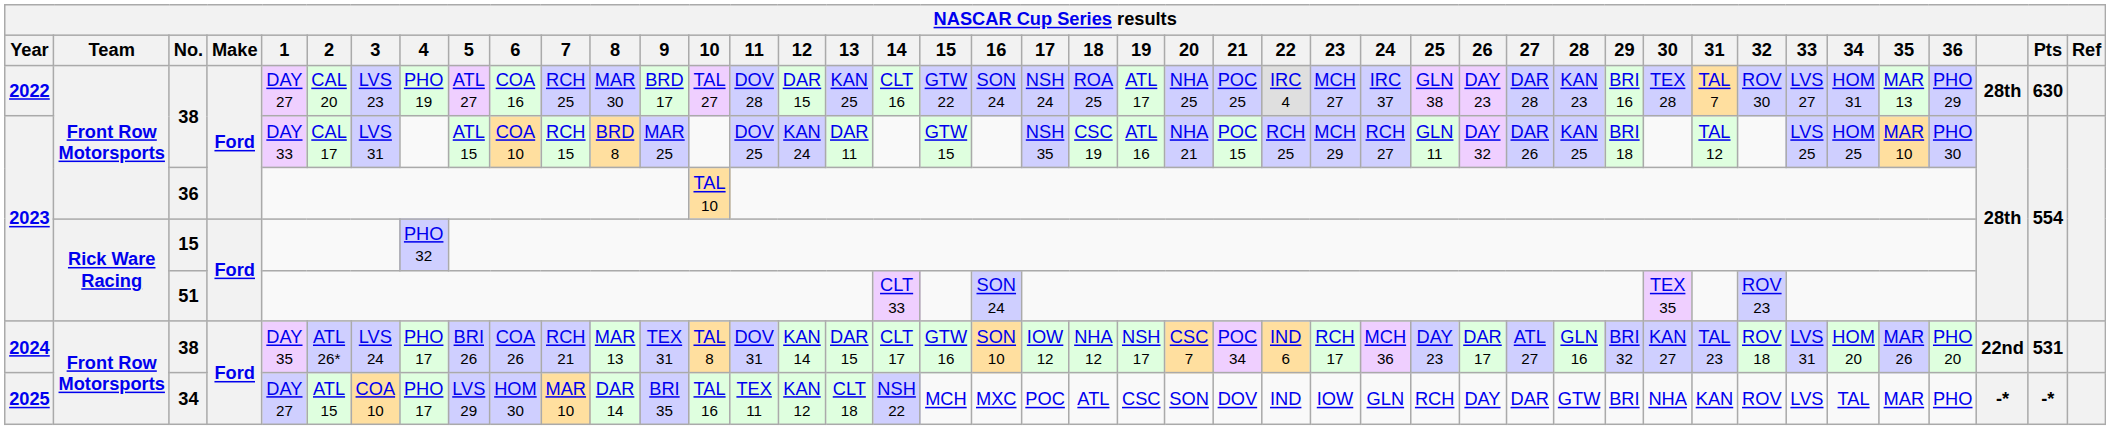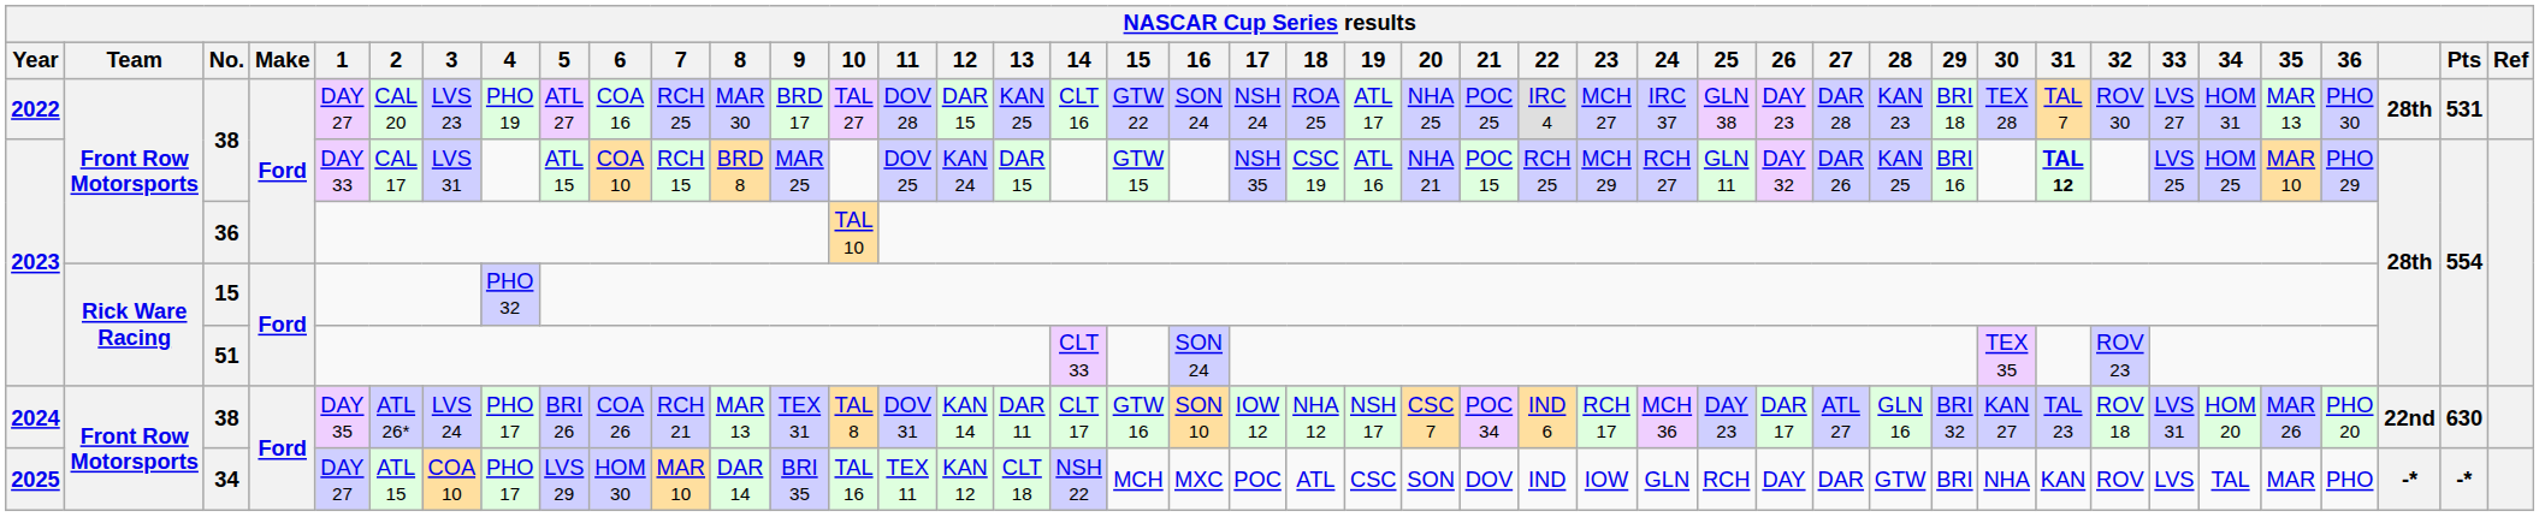 <table class="wikitable" style="text-align:center; font-size:75%">
 <tr>
 <th colspan=43><a href='#'>NASCAR Cup Series</a> results</th>
 </tr>
 <tr>
 <th>Year</th>
 <th>Team</th>
 <th>No.</th>
 <th>Make</th>
 <th>1</th>
 <th>2</th>
 <th>3</th>
 <th>4</th>
 <th>5</th>
 <th>6</th>
 <th>7</th>
 <th>8</th>
 <th>9</th>
 <th>10</th>
 <th>11</th>
 <th>12</th>
 <th>13</th>
 <th>14</th>
 <th>15</th>
 <th>16</th>
 <th>17</th>
 <th>18</th>
 <th>19</th>
 <th>20</th>
 <th>21</th>
 <th>22</th>
 <th>23</th>
 <th>24</th>
 <th>25</th>
 <th>26</th>
 <th>27</th>
 <th>28</th>
 <th>29</th>
 <th>30</th>
 <th>31</th>
 <th>32</th>
 <th>33</th>
 <th>34</th>
 <th>35</th>
 <th>36</th>
 <th></th>
 <th>Pts</th>
 <th>Ref</th>
 </tr>
 <tr>
 <th><a href='#'>2022</a></th>
 <th rowspan=3><a href='#'>Front Row Motorsports</a></th>
 <th rowspan=2>38</th>
 <th rowspan=3><a href='#'>Ford</a></th>
 <td style="background:#EFCFFF;"><a href='#'>DAY</a><br><small>27</small></td>
 <td style="background:#DFFFDF;"><a href='#'>CAL</a><br><small>20</small></td>
 <td style="background:#CFCFFF;"><a href='#'>LVS</a><br><small>23</small></td>
 <td style="background:#DFFFDF;"><a href='#'>PHO</a><br><small>19</small></td>
 <td style="background:#EFCFFF;"><a href='#'>ATL</a><br><small>27</small></td>
 <td style="background:#DFFFDF;"><a href='#'>COA</a><br><small>16</small></td>
 <td style="background:#CFCFFF;"><a href='#'>RCH</a><br><small>25</small></td>
 <td style="background:#CFCFFF;"><a href='#'>MAR</a><br><small>30</small></td>
 <td style="background:#DFFFDF;"><a href='#'>BRD</a><br><small>17</small></td>
 <td style="background:#EFCFFF;"><a href='#'>TAL</a><br><small>27</small></td>
 <td style="background:#CFCFFF;"><a href='#'>DOV</a><br><small>28</small></td>
 <td style="background:#DFFFDF;"><a href='#'>DAR</a><br><small>15</small></td>
 <td style="background:#CFCFFF;"><a href='#'>KAN</a><br><small>25</small></td>
 <td style="background:#DFFFDF;"><a href='#'>CLT</a><br><small>16</small></td>
 <td style="background:#CFCFFF;"><a href='#'>GTW</a><br><small>22</small></td>
 <td style="background:#CFCFFF;"><a href='#'>SON</a><br><small>24</small></td>
 <td style="background:#CFCFFF;"><a href='#'>NSH</a><br><small>24</small></td>
 <td style="background:#CFCFFF;"><a href='#'>ROA</a><br><small>25</small></td>
 <td style="background:#DFFFDF;"><a href='#'>ATL</a><br><small>17</small></td>
 <td style="background:#CFCFFF;"><a href='#'>NHA</a><br><small>25</small></td>
 <td style="background:#CFCFFF;"><a href='#'>POC</a><br><small>25</small></td>
 <td style="background:#DFDFDF;"><a href='#'>IRC</a><br><small>4</small></td>
 <td style="background:#CFCFFF;"><a href='#'>MCH</a><br><small>27</small></td>
 <td style="background:#CFCFFF;"><a href='#'>IRC</a><br><small>37</small></td>
 <td style="background:#EFCFFF;"><a href='#'>GLN</a><br><small>38</small></td>
 <td style="background:#EFCFFF;"><a href='#'>DAY</a><br><small>23</small></td>
 <td style="background:#CFCFFF;”"><a href='#'>DAR</a><br><small>28</small></td>
 <td style="background:#CFCFFF;"><a href='#'>KAN</a><br><small>23</small></td>
-<td style="background:#DFFFDF;"><a href='#'>BRI</a><br><small>16</small></td>
+<td style="background:#DFFFDF;"><a href='#'>BRI</a><br><small>18</small></td>
 <td style="background:#CFCFFF;"><a href='#'>TEX</a><br><small>28</small></td>
 <td style="background:#FFDF9F;"><a href='#'>TAL</a><br><small>7</small></td>
 <td style="background:#CFCFFF;"><a href='#'>ROV</a><br><small>30</small></td>
 <td style="background:#CFCFFF;"><a href='#'>LVS</a><br><small>27</small></td>
 <td style="background:#CFCFFF;"><a href='#'>HOM</a><br><small>31</small></td>
 <td style="background:#DFFFDF;"><a href='#'>MAR</a><br><small>13</small></td>
-<td style="background:#CFCFFF;”"><a href='#'>PHO</a><br><small>29</small></td>
+<td style="background:#CFCFFF;"><a href='#'>PHO</a><br><small>30</small></td>
 <th>28th</th>
-<th>630</th>
+<th>531</th>
 <th></th>
 </tr>
 <tr>
 <th rowspan=4><a href='#'>2023</a></th>
 <td style="background:#EFCFFF;"><a href='#'>DAY</a><br><small>33</small></td>
 <td style="background:#DFFFDF;"><a href='#'>CAL</a><br><small>17</small></td>
 <td style="background:#CFCFFF;"><a href='#'>LVS</a><br><small>31</small></td>
 <td></td>
 <td style="background:#DFFFDF;"><a href='#'>ATL</a><br><small>15</small></td>
 <td style="background:#FFDF9F;"><a href='#'>COA</a><br><small>10</small></td>
 <td style="background:#DFFFDF;"><a href='#'>RCH</a><br><small>15</small></td>
 <td style="background:#FFDF9F;"><a href='#'>BRD</a><br><small>8</small></td>
 <td style="background:#CFCFFF;"><a href='#'>MAR</a><br><small>25</small></td>
 <td></td>
 <td style="background:#CFCFFF;"><a href='#'>DOV</a><br><small>25</small></td>
 <td style="background:#CFCFFF;"><a href='#'>KAN</a><br><small>24</small></td>
-<td style="background:#DFFFDF;"><a href='#'>DAR</a><br><small>11</small></td>
+<td style="background:#DFFFDF;"><a href='#'>DAR</a><br><small>15</small></td>
 <td></td>
 <td style="background:#DFFFDF;"><a href='#'>GTW</a><br><small>15</small></td>
 <td></td>
 <td style="background:#CFCFFF;"><a href='#'>NSH</a><br><small>35</small></td>
 <td style="background:#DFFFDF;"><a href='#'>CSC</a><br><small>19</small></td>
 <td style="background:#DFFFDF;"><a href='#'>ATL</a><br><small>16</small></td>
 <td style="background:#CFCFFF;"><a href='#'>NHA</a><br><small>21</small></td>
 <td style="background:#DFFFDF;"><a href='#'>POC</a><br><small>15</small></td>
 <td style="background:#CFCFFF;"><a href='#'>RCH</a><br><small>25</small></td>
 <td style="background:#CFCFFF;"><a href='#'>MCH</a><br><small>29</small></td>
 <td style="background:#CFCFFF;"><a href='#'>RCH</a><br><small>27</small></td>
 <td style="background:#DFFFDF;"><a href='#'>GLN</a><br><small>11</small></td>
 <td style="background:#EFCFFF;"><a href='#'>DAY</a><br><small>32</small></td>
 <td style="background:#CFCFFF;"><a href='#'>DAR</a><br><small>26</small></td>
 <td style="background:#CFCFFF;"><a href='#'>KAN</a><br><small>25</small></td>
-<td style="background:#DFFFDF;"><a href='#'>BRI</a><br><small>18</small></td>
+<td style="background:#DFFFDF;"><a href='#'>BRI</a><br><small>16</small></td>
 <td></td>
-<td style="background:#DFFFDF;"><a href='#'>TAL</a><br><small>12</small></td>
+<td style="background:#DFFFDF;"><strong><a href='#'>TAL</a><br><small>12</small></strong></td>
 <td></td>
 <td style="background:#CFCFFF;"><a href='#'>LVS</a><br><small>25</small></td>
 <td style="background:#CFCFFF;"><a href='#'>HOM</a><br><small>25</small></td>
 <td style="background:#FFDF9F;"><a href='#'>MAR</a><br><small>10</small></td>
-<td style="background:#CFCFFF;"><a href='#'>PHO</a><br><small>30</small></td>
+<td style="background:#CFCFFF;”"><a href='#'>PHO</a><br><small>29</small></td>
 <th rowspan=4>28th</th>
 <th rowspan=4>554</th>
 <th rowspan=4></th>
 </tr>
 <tr>
 <th>36</th>
 <td colspan=9></td>
 <td style="background:#FFDF9F;"><a href='#'>TAL</a><br><small>10</small></td>
 <td colspan=26></td>
 </tr>
 <tr>
 <th rowspan=2><a href='#'>Rick Ware Racing</a></th>
 <th>15</th>
 <th rowspan=2><a href='#'>Ford</a></th>
 <td colspan=3></td>
 <td style="background:#CFCFFF;"><a href='#'>PHO</a><br><small>32</small></td>
 <td colspan=32></td>
 </tr>
 <tr>
 <th>51</th>
 <td colspan=13></td>
 <td style="background:#EFCFFF;"><a href='#'>CLT</a><br><small>33</small></td>
 <td></td>
 <td style="background:#CFCFFF;"><a href='#'>SON</a><br><small>24</small></td>
 <td colspan=13></td>
 <td style="background:#EFCFFF;"><a href='#'>TEX</a><br><small>35</small></td>
 <td></td>
 <td style="background:#CFCFFF;"><a href='#'>ROV</a><br><small>23</small></td>
 <td colspan=4></td>
 </tr>
 <tr>
 <th><a href='#'>2024</a></th>
 <th rowspan=2><a href='#'>Front Row Motorsports</a></th>
 <th>38</th>
 <th rowspan=2><a href='#'>Ford</a></th>
 <td style="background:#EFCFFF;"><a href='#'>DAY</a><br><small>35</small></td>
 <td style="background:#CFCFFF;"><a href='#'>ATL</a><br><small>26*</small></td>
 <td style="background:#CFCFFF;"><a href='#'>LVS</a><br><small>24</small></td>
 <td style="background:#DFFFDF;"><a href='#'>PHO</a><br><small>17</small></td>
 <td style="background:#CFCFFF;"><a href='#'>BRI</a><br><small>26</small></td>
 <td style="background:#CFCFFF;"><a href='#'>COA</a><br><small>26</small></td>
 <td style="background:#CFCFFF;"><a href='#'>RCH</a><br><small>21</small></td>
 <td style="background:#DFFFDF;"><a href='#'>MAR</a><br><small>13</small></td>
 <td style="background:#CFCFFF;"><a href='#'>TEX</a><br><small>31</small></td>
 <td style="background:#FFDF9F;"><a href='#'>TAL</a><br><small>8</small></td>
 <td style="background:#CFCFFF;"><a href='#'>DOV</a><br><small>31</small></td>
 <td style="background:#DFFFDF;"><a href='#'>KAN</a><br><small>14</small></td>
-<td style="background:#DFFFDF;"><a href='#'>DAR</a><br><small>15</small></td>
+<td style="background:#DFFFDF;"><a href='#'>DAR</a><br><small>11</small></td>
 <td style="background:#DFFFDF;"><a href='#'>CLT</a><br><small>17</small></td>
 <td style="background:#DFFFDF;"><a href='#'>GTW</a><br><small>16</small></td>
 <td style="background:#FFDF9F;"><a href='#'>SON</a><br><small>10</small></td>
 <td style="background:#DFFFDF;"><a href='#'>IOW</a><br><small>12</small></td>
 <td style="background:#DFFFDF;"><a href='#'>NHA</a><br><small>12</small></td>
 <td style="background:#DFFFDF;"><a href='#'>NSH</a><br><small>17</small></td>
 <td style="background:#FFDF9F;"><a href='#'>CSC</a><br><small>7</small></td>
 <td style="background:#EFCFFF;"><a href='#'>POC</a><br><small>34</small></td>
 <td style="background:#FFDF9F;"><a href='#'>IND</a><br><small>6</small></td>
 <td style="background:#DFFFDF;"><a href='#'>RCH</a><br><small>17</small></td>
 <td style="background:#EFCFFF;"><a href='#'>MCH</a><br><small>36</small></td>
 <td style="background:#CFCFFF;"><a href='#'>DAY</a><br><small>23</small></td>
 <td style="background:#DFFFDF;"><a href='#'>DAR</a><br><small>17</small></td>
 <td style="background:#CFCFFF;"><a href='#'>ATL</a><br><small>27</small></td>
 <td style="background:#DFFFDF;"><a href='#'>GLN</a><br><small>16</small></td>
 <td style="background:#CFCFFF;"><a href='#'>BRI</a><br><small>32</small></td>
 <td style="background:#CFCFFF;"><a href='#'>KAN</a><br><small>27</small></td>
 <td style="background:#CFCFFF;"><a href='#'>TAL</a><br><small>23</small></td>
 <td style="background:#DFFFDF;"><a href='#'>ROV</a><br><small>18</small></td>
 <td style="background:#CFCFFF;"><a href='#'>LVS</a><br><small>31</small></td>
 <td style="background:#DFFFDF;"><a href='#'>HOM</a><br><small>20</small></td>
 <td style="background:#CFCFFF;"><a href='#'>MAR</a><br><small>26</small></td>
 <td style="background:#DFFFDF;"><a href='#'>PHO</a><br><small>20</small></td>
 <th>22nd</th>
-<th>531</th>
+<th>630</th>
 <th></th>
 </tr>
 <tr>
 <th><a href='#'>2025</a></th>
 <th>34</th>
 <td style="background:#CFCFFF;"><a href='#'>DAY</a><br><small>27</small></td>
 <td style="background:#DFFFDF;"><a href='#'>ATL</a><br><small>15</small></td>
 <td style="background:#FFDF9F;"><a href='#'>COA</a><br><small>10</small></td>
 <td style="background:#DFFFDF;"><a href='#'>PHO</a><br><small>17</small></td>
 <td style="background:#CFCFFF;"><a href='#'>LVS</a><br><small>29</small></td>
 <td style="background:#CFCFFF;"><a href='#'>HOM</a><br><small>30</small></td>
 <td style="background:#FFDF9F;"><a href='#'>MAR</a><br><small>10</small></td>
 <td style="background:#DFFFDF;"><a href='#'>DAR</a><br><small>14</small></td>
 <td style="background:#CFCFFF;"><a href='#'>BRI</a><br><small>35</small></td>
 <td style="background:#DFFFDF;"><a href='#'>TAL</a><br><small>16</small></td>
 <td style="background:#DFFFDF;"><a href='#'>TEX</a><br><small>11</small></td>
 <td style="background:#DFFFDF;"><a href='#'>KAN</a><br><small>12</small></td>
 <td style="background:#DFFFDF;"><a href='#'>CLT</a><br><small>18</small></td>
 <td style="background:#CFCFFF;"><a href='#'>NSH</a><br><small>22</small></td>
 <td style="background:#;"><a href='#'>MCH</a><br><small></small></td>
 <td><a href='#'>MXC</a></td>
 <td><a href='#'>POC</a></td>
 <td><a href='#'>ATL</a></td>
 <td><a href='#'>CSC</a></td>
 <td><a href='#'>SON</a></td>
 <td><a href='#'>DOV</a></td>
 <td><a href='#'>IND</a></td>
 <td><a href='#'>IOW</a></td>
 <td><a href='#'>GLN</a></td>
 <td><a href='#'>RCH</a></td>
 <td><a href='#'>DAY</a></td>
 <td><a href='#'>DAR</a></td>
 <td><a href='#'>GTW</a></td>
 <td><a href='#'>BRI</a></td>
 <td><a href='#'>NHA</a></td>
 <td><a href='#'>KAN</a></td>
 <td><a href='#'>ROV</a></td>
 <td><a href='#'>LVS</a></td>
 <td><a href='#'>TAL</a></td>
 <td><a href='#'>MAR</a></td>
 <td><a href='#'>PHO</a></td>
 <th>-*</th>
 <th>-*</th>
 <th></th>
 </tr>
 </table>
